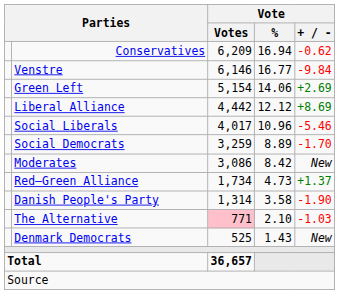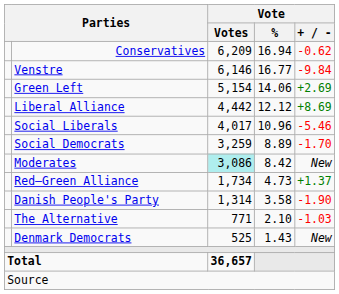 <table class="wikitable" style="text-align:right;">
 <tr>
 <th style="text-align:centre;" rowspan="2" colspan="2" width="225">Parties</th>
 <th colspan="3">Vote</th>
 </tr>
 <tr>
 <th width="15">Votes</th>
 <th width="15">%</th>
 <th width="15">+ / -</th>
 </tr>
 <tr>
 <td width=2 bgcolor=></td>
 <td><a href='#'>Conservatives</a></td>
 <td>6,209</td>
 <td>16.94</td>
 <td style=color:red;>-0.62</td>
 </tr>
 <tr>
 <td width=2 bgcolor=></td>
 <td align=left><a href='#'>Venstre</a></td>
 <td>6,146</td>
 <td>16.77</td>
 <td style=color:red;>-9.84</td>
 </tr>
 <tr>
 <td width=2 bgcolor=></td>
 <td align=left><a href='#'>Green Left</a></td>
 <td>5,154</td>
 <td>14.06</td>
 <td style=color:green;>+2.69</td>
 </tr>
 <tr>
 <td width=2 bgcolor=></td>
 <td align=left><a href='#'>Liberal Alliance</a></td>
 <td>4,442</td>
 <td>12.12</td>
 <td style=color:green;>+8.69</td>
 </tr>
 <tr>
 <td width=2 bgcolor=></td>
 <td align=left><a href='#'>Social Liberals</a></td>
 <td>4,017</td>
 <td>10.96</td>
 <td style=color:red;>-5.46</td>
 </tr>
 <tr>
 <td width=2 bgcolor=></td>
 <td align=left><a href='#'>Social Democrats</a></td>
 <td>3,259</td>
 <td>8.89</td>
 <td style=color:red;>-1.70</td>
 </tr>
 <tr>
 <td width=2 bgcolor=></td>
 <td align=left><a href='#'>Moderates</a></td>
-<td>3,086</td>
+<td style="background: paleturquoise;">3,086</td>
 <td>8.42</td>
 <td><em>New</em></td>
 </tr>
 <tr>
 <td width=2 bgcolor=></td>
 <td align=left><a href='#'>Red–Green Alliance</a></td>
 <td>1,734</td>
 <td>4.73</td>
 <td style=color:green;>+1.37</td>
 </tr>
 <tr>
 <td width=2 bgcolor=></td>
 <td align=left><a href='#'>Danish People's Party</a></td>
 <td>1,314</td>
 <td>3.58</td>
 <td style=color:red;>-1.90</td>
 </tr>
 <tr>
 <td width=2 bgcolor=></td>
 <td align=left><a href='#'>The Alternative</a></td>
-<td style="background: pink;">771</td>
+<td>771</td>
 <td>2.10</td>
 <td style=color:red;>-1.03</td>
 </tr>
 <tr>
 <td width=2 bgcolor=></td>
 <td align=left><a href='#'>Denmark Democrats</a></td>
 <td>525</td>
 <td>1.43</td>
 <td><em>New</em></td>
 </tr>
 <tr>
 <td colspan="7" bgcolor="#E9E9E9"></td>
 </tr>
 <tr>
 <td align="left" colspan="2"><strong>Total</strong></td>
 <td><strong>36,657</strong></td>
 <td bgcolor=#E9E9E9 colspan=2></td>
 </tr>
 <tr>
 <td align="left" colspan="6">Source</td>
 </tr>
 </table>
